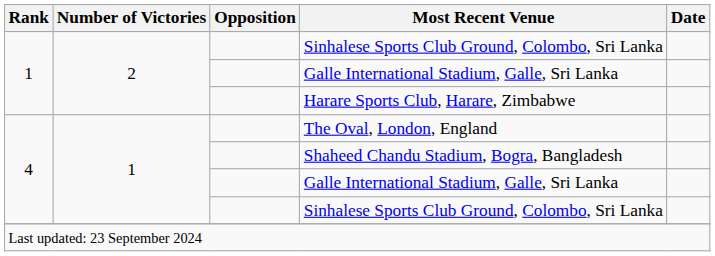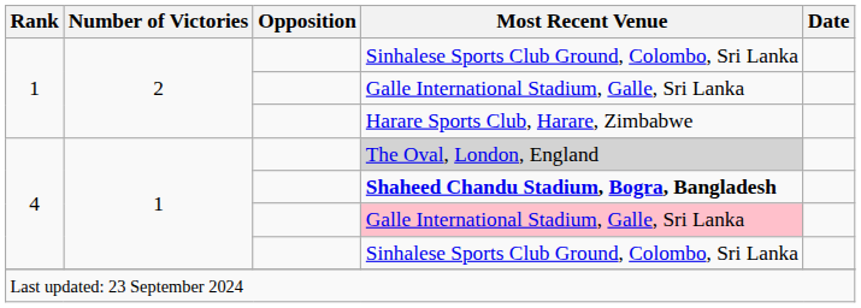 <table class="wikitable plainrowheaders sortable">
 <tr>
 <th scope=col>Rank</th>
 <th scope=col>Number of Victories</th>
 <th scope=col>Opposition</th>
 <th scope=col>Most Recent Venue</th>
 <th scope=col>Date</th>
 </tr>
 <tr>
 <td style="text-align:center" rowspan=3>1</td>
 <td style="text-align:center" rowspan=3>2</td>
 <td></td>
 <td><a href='#'>Sinhalese Sports Club Ground</a>, <a href='#'>Colombo</a>, Sri Lanka</td>
 <td></td>
 </tr>
 <tr>
 <td></td>
 <td><a href='#'>Galle International Stadium</a>, <a href='#'>Galle</a>, Sri Lanka</td>
 <td></td>
 </tr>
 <tr>
 <td></td>
 <td><a href='#'>Harare Sports Club</a>, <a href='#'>Harare</a>, Zimbabwe</td>
 <td></td>
 </tr>
 <tr>
 <td rowspan="4" style="text-align:center">4</td>
 <td rowspan="4" style="text-align:center">1</td>
 <td></td>
-<td><a href='#'>The Oval</a>, <a href='#'>London</a>, England</td>
+<td style="background: lightgrey;"><a href='#'>The Oval</a>, <a href='#'>London</a>, England</td>
 <td></td>
 </tr>
 <tr>
 <td></td>
-<td><a href='#'>Shaheed Chandu Stadium</a>, <a href='#'>Bogra</a>, Bangladesh</td>
+<td><strong><a href='#'>Shaheed Chandu Stadium</a>, <a href='#'>Bogra</a>, Bangladesh</strong></td>
 <td></td>
 </tr>
 <tr>
 <td></td>
-<td><a href='#'>Galle International Stadium</a>, <a href='#'>Galle</a>, Sri Lanka</td>
+<td style="background: pink;"><a href='#'>Galle International Stadium</a>, <a href='#'>Galle</a>, Sri Lanka</td>
 <td></td>
 </tr>
 <tr>
 <td></td>
 <td><a href='#'>Sinhalese Sports Club Ground</a>, <a href='#'>Colombo</a>, Sri Lanka</td>
 <td></td>
 </tr>
 <tr>
 </tr>
 <tr class=sortbottom>
 <td colspan=5><small>Last updated: 23 September 2024</small></td>
 </tr>
 </table>
